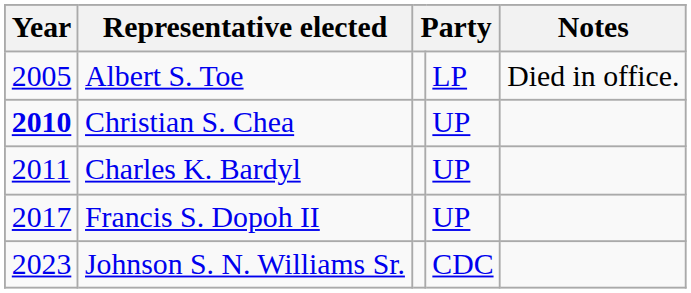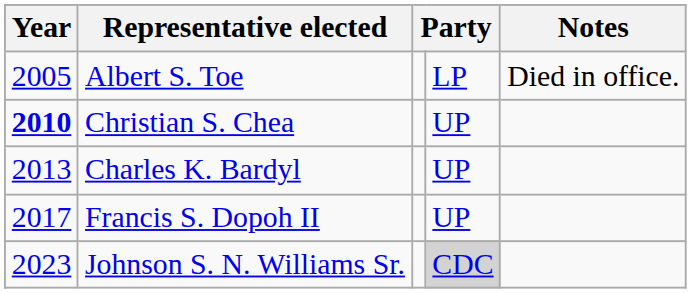 <table class="wikitable">
 <tr>
 <th>Year</th>
 <th>Representative elected</th>
 <th colspan=2>Party</th>
 <th>Notes</th>
 </tr>
 <tr>
 <td><a href='#'>2005</a></td>
 <td><a href='#'>Albert S. Toe</a></td>
 <td></td>
 <td><a href='#'>LP</a></td>
 <td>Died in office.</td>
 </tr>
 <tr>
 <td><strong><a href='#'>2010</a></strong></td>
 <td><a href='#'>Christian S. Chea</a></td>
 <td></td>
 <td><a href='#'>UP</a></td>
 <td></td>
 </tr>
 <tr>
-<td><a href='#'>2011</a></td>
+<td><a href='#'>2013</a></td>
 <td><a href='#'>Charles K. Bardyl</a></td>
 <td></td>
 <td><a href='#'>UP</a></td>
 <td></td>
 </tr>
 <tr>
 <td><a href='#'>2017</a></td>
 <td><a href='#'>Francis S. Dopoh II</a></td>
 <td></td>
 <td><a href='#'>UP</a></td>
 <td></td>
 </tr>
 <tr>
 <td><a href='#'>2023</a></td>
 <td><a href='#'>Johnson S. N. Williams Sr.</a></td>
 <td></td>
-<td><a href='#'>CDC</a></td>
+<td style="background: lightgrey;"><a href='#'>CDC</a></td>
 <td></td>
 </tr>
 </table>
